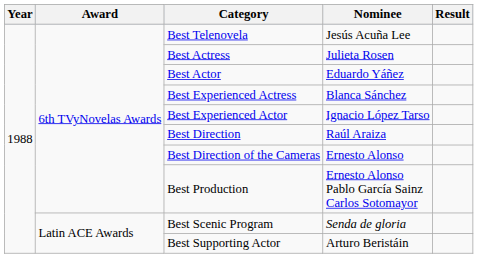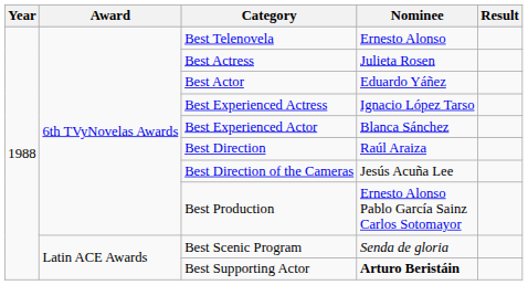 <table class="wikitable">
 <tr style="background:#b0c4de;">
 <th>Year</th>
 <th>Award</th>
 <th>Category</th>
 <th>Nominee</th>
 <th>Result</th>
 </tr>
 <tr>
 <td rowspan=10>1988</td>
 <td rowspan=8><a href='#'>6th TVyNovelas Awards</a></td>
 <td><a href='#'>Best Telenovela</a></td>
-<td>Jesús Acuña Lee</td>
+<td><a href='#'>Ernesto Alonso</a></td>
 <td></td>
 </tr>
 <tr>
 <td><a href='#'>Best Actress</a></td>
 <td><a href='#'>Julieta Rosen</a></td>
 <td></td>
 </tr>
 <tr>
 <td><a href='#'>Best Actor</a></td>
 <td><a href='#'>Eduardo Yáñez</a></td>
 <td></td>
 </tr>
 <tr>
 <td><a href='#'>Best Experienced Actress</a></td>
-<td><a href='#'>Blanca Sánchez</a></td>
+<td><a href='#'>Ignacio López Tarso</a></td>
 <td></td>
 </tr>
 <tr>
 <td><a href='#'>Best Experienced Actor</a></td>
-<td><a href='#'>Ignacio López Tarso</a></td>
+<td><a href='#'>Blanca Sánchez</a></td>
 <td></td>
 </tr>
 <tr>
 <td><a href='#'>Best Direction</a></td>
 <td><a href='#'>Raúl Araiza</a></td>
 <td></td>
 </tr>
 <tr>
 <td><a href='#'>Best Direction of the Cameras</a></td>
-<td><a href='#'>Ernesto Alonso</a></td>
+<td>Jesús Acuña Lee</td>
 <td></td>
 </tr>
 <tr>
 <td>Best Production</td>
 <td><a href='#'>Ernesto Alonso</a> <br> Pablo García Sainz <br> <a href='#'>Carlos Sotomayor</a></td>
 <td></td>
 </tr>
 <tr>
 <td rowspan=2>Latin ACE Awards</td>
 <td>Best Scenic Program</td>
 <td><em>Senda de gloria</em></td>
 <td></td>
 </tr>
 <tr>
 <td>Best Supporting Actor</td>
-<td>Arturo Beristáin</td>
+<td><strong>Arturo Beristáin</strong></td>
 <td></td>
 </tr>
 </table>
